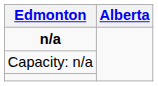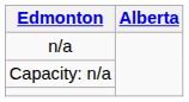 <table class="wikitable" style="text-align:center">
 <tr>
 <th><a href='#'>Edmonton</a></th>
 <th><a href='#'>Alberta</a></th>
 </tr>
 <tr>
-<td><strong>n/a</strong></td>
+<td>n/a</td>
 <td rowspan=3></td>
 </tr>
 <tr>
 <td>Capacity: n/a</td>
 </tr>
 <tr>
 <td></td>
 </tr>
 </table>
